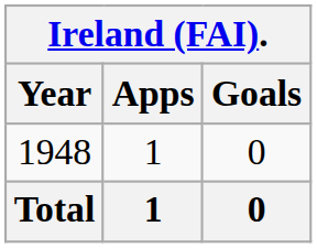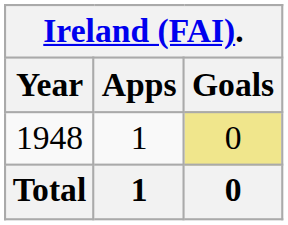 <table class="wikitable" style="text-align:center">
 <tr>
 <th colspan=3><a href='#'>Ireland (FAI)</a>.</th>
 </tr>
 <tr>
 <th>Year</th>
 <th>Apps</th>
 <th>Goals</th>
 </tr>
 <tr>
 <td>1948</td>
 <td>1</td>
-<td>0</td>
+<td style="background: khaki;">0</td>
 </tr>
 <tr>
 <th>Total</th>
 <th>1</th>
 <th>0</th>
 </tr>
 </table>
